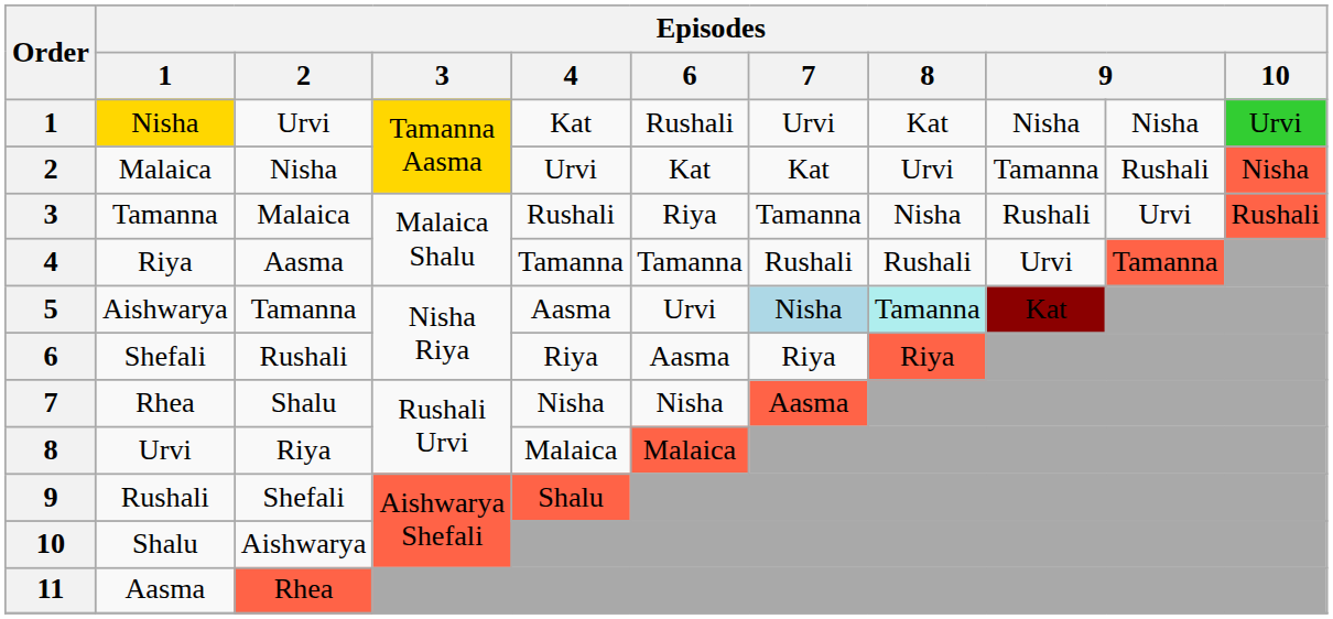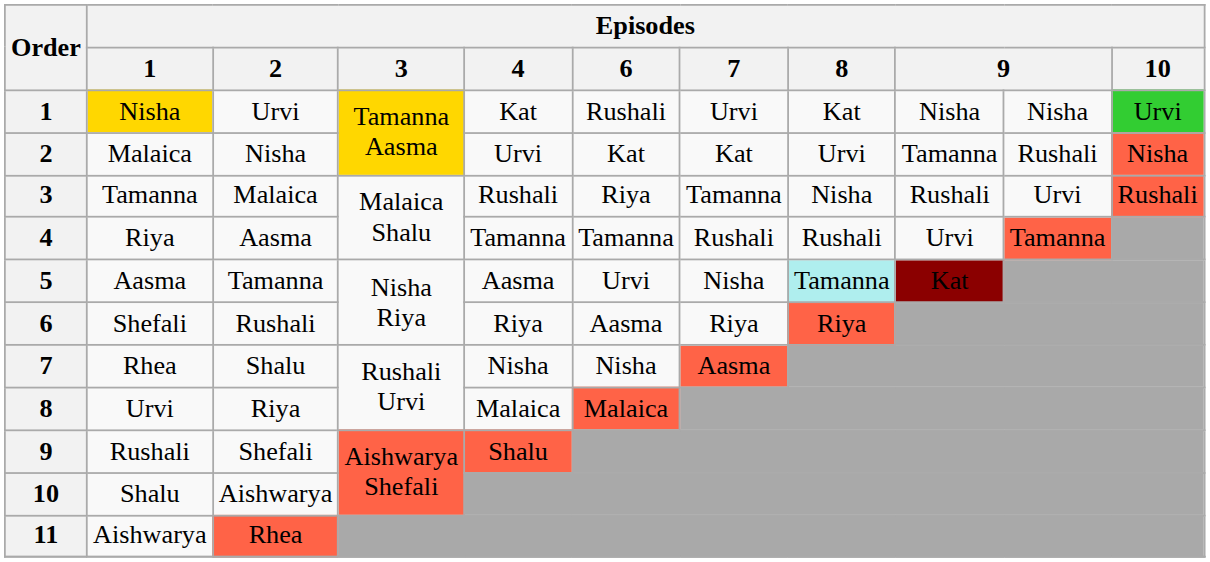 <table class="wikitable" style="text-align:center; font-size:92%">
 <tr>
 <th rowspan=2>Order</th>
 <th colspan="10">Episodes</th>
 </tr>
 <tr>
 <th>1</th>
 <th>2</th>
 <th>3</th>
 <th>4</th>
 <th>6</th>
 <th>7</th>
 <th>8</th>
 <th colspan=2>9</th>
 <th>10</th>
 </tr>
 <tr>
 <th>1</th>
 <td style="background:gold;">Nisha</td>
 <td>Urvi</td>
 <td rowspan="2" style="background:gold">Tamanna<br>Aasma</td>
 <td>Kat</td>
 <td>Rushali</td>
 <td>Urvi</td>
 <td>Kat</td>
 <td>Nisha</td>
 <td>Nisha</td>
 <td style="background:limegreen;">Urvi</td>
 </tr>
 <tr>
 <th>2</th>
 <td>Malaica</td>
 <td>Nisha</td>
 <td>Urvi</td>
 <td>Kat</td>
 <td>Kat</td>
 <td>Urvi</td>
 <td>Tamanna</td>
 <td>Rushali</td>
 <td style="background:tomato;">Nisha</td>
 </tr>
 <tr>
 <th>3</th>
 <td>Tamanna</td>
 <td>Malaica</td>
 <td rowspan="2">Malaica<br>Shalu</td>
 <td>Rushali</td>
 <td>Riya</td>
 <td>Tamanna</td>
 <td>Nisha</td>
 <td>Rushali</td>
 <td>Urvi</td>
 <td style="background:tomato;">Rushali</td>
 </tr>
 <tr>
 <th>4</th>
 <td>Riya</td>
 <td>Aasma</td>
 <td>Tamanna</td>
 <td>Tamanna</td>
 <td>Rushali</td>
 <td>Rushali</td>
 <td>Urvi</td>
 <td style="background:tomato;">Tamanna</td>
 <td style="background:darkgrey;"></td>
 </tr>
 <tr>
 <th>5</th>
-<td>Aishwarya</td>
+<td>Aasma</td>
 <td>Tamanna</td>
 <td rowspan="2">Nisha<br>Riya</td>
 <td>Aasma</td>
 <td>Urvi</td>
-<td style="background: lightblue;">Nisha</td>
+<td>Nisha</td>
 <td style="background: paleturquoise;">Tamanna</td>
 <td style="background:darkred;"><span>Kat</span></td>
 <td colspan="2" style="background:darkgrey;"></td>
 </tr>
 <tr>
 <th>6</th>
 <td>Shefali</td>
 <td>Rushali</td>
 <td>Riya</td>
 <td>Aasma</td>
 <td>Riya</td>
 <td style="background:tomato;">Riya</td>
 <td colspan="3" style="background:darkgrey;"></td>
 </tr>
 <tr>
 <th>7</th>
 <td>Rhea</td>
 <td>Shalu</td>
 <td rowspan="2">Rushali<br>Urvi</td>
 <td>Nisha</td>
 <td>Nisha</td>
 <td style="background:tomato;">Aasma</td>
 <td colspan="4" style="background:darkgrey;"></td>
 </tr>
 <tr>
 <th>8</th>
 <td>Urvi</td>
 <td>Riya</td>
 <td>Malaica</td>
 <td style="background:tomato;">Malaica</td>
 <td colspan="5" style="background:darkgrey;"></td>
 </tr>
 <tr>
 <th>9</th>
 <td>Rushali</td>
 <td>Shefali</td>
 <td rowspan="2" style="background:tomato;">Aishwarya<br>Shefali</td>
 <td style="background:tomato;">Shalu</td>
 <td colspan="6" style="background:darkgrey;"></td>
 </tr>
 <tr>
 <th>10</th>
 <td>Shalu</td>
 <td>Aishwarya</td>
 <td colspan="7" style="background:darkgrey;"></td>
 </tr>
 <tr>
 <th>11</th>
-<td>Aasma</td>
+<td>Aishwarya</td>
 <td style="background:tomato;">Rhea</td>
 <td colspan="8" style="background:darkgrey;"></td>
 </tr>
 <tr>
 </tr>
 </table>
